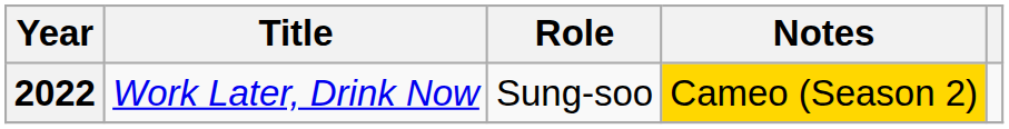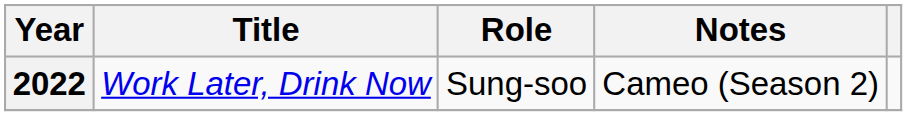 <table class="wikitable sortable plainrowheaders">
 <tr>
 <th scope="col">Year</th>
 <th scope="col">Title</th>
 <th scope="col">Role</th>
 <th scope="col" class="unsortable">Notes</th>
 <th scope="col" class="unsortable"></th>
 </tr>
 <tr>
 <th scope="row">2022</th>
 <td><em><a href='#'>Work Later, Drink Now</a></em></td>
 <td>Sung-soo</td>
-<td style="background: gold;">Cameo (Season 2)</td>
+<td>Cameo (Season 2)</td>
 <td></td>
 </tr>
 <tr>
 </tr>
 </table>
